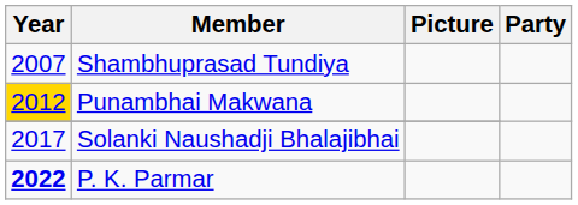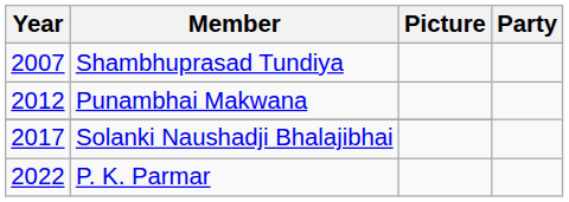 <table class="wikitable sortable">
 <tr>
 <th>Year</th>
 <th>Member</th>
 <th>Picture</th>
 <th colspan="2">Party</th>
 </tr>
 <tr>
 <td><a href='#'>2007</a></td>
 <td><a href='#'>Shambhuprasad Tundiya</a></td>
 <td></td>
 <td></td>
 </tr>
 <tr>
-<td style="background: gold;"><a href='#'>2012</a></td>
+<td><a href='#'>2012</a></td>
 <td><a href='#'>Punambhai Makwana</a></td>
 <td></td>
 </tr>
 <tr>
 </tr>
 <tr>
 <td><a href='#'>2017</a></td>
 <td><a href='#'>Solanki Naushadji Bhalajibhai</a></td>
 <td></td>
 <td></td>
 </tr>
 <tr>
-<td><strong><a href='#'>2022</a></strong></td>
+<td><a href='#'>2022</a></td>
 <td><a href='#'>P. K. Parmar</a></td>
 <td></td>
 <td></td>
 </tr>
 </table>
